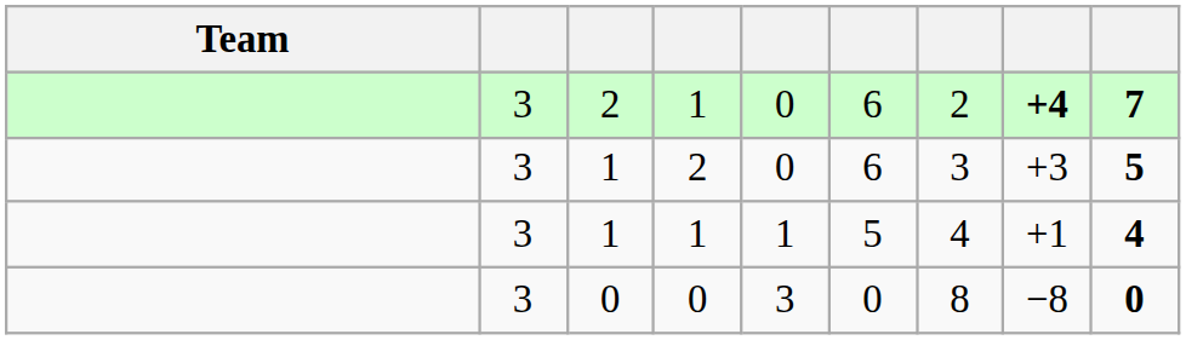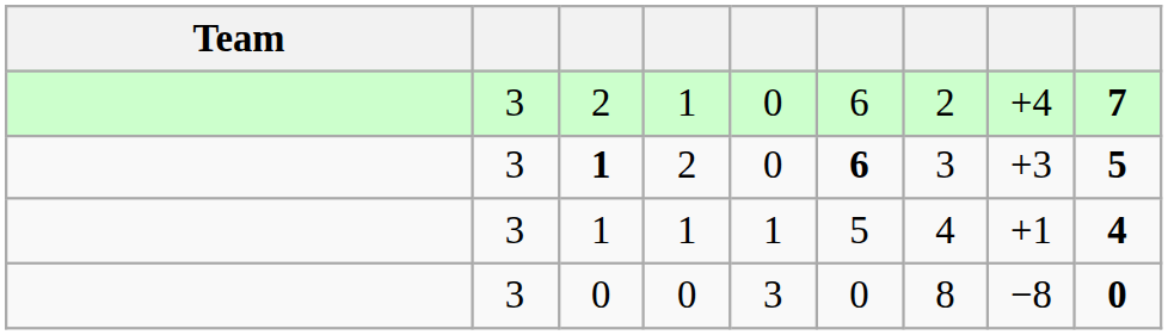 <table class="wikitable" style="text-align: center; font-size: 90%;">
 <tr>
 <th width=165>Team</th>
 <th width=25></th>
 <th width=25></th>
 <th width=25></th>
 <th width=25></th>
 <th width=25></th>
 <th width=25></th>
 <th width=25></th>
 <th width=25></th>
 </tr>
 <tr bgcolor=ccffcc>
 <td align="left"><em></em></td>
 <td>3</td>
 <td>2</td>
 <td>1</td>
 <td>0</td>
 <td>6</td>
 <td>2</td>
-<td><strong>+4</strong></td>
+<td>+4</td>
 <td><strong>7</strong></td>
 </tr>
 <tr>
 <td align="left"></td>
 <td>3</td>
-<td>1</td>
+<td><strong>1</strong></td>
 <td>2</td>
 <td>0</td>
-<td>6</td>
+<td><strong>6</strong></td>
 <td>3</td>
 <td>+3</td>
 <td><strong>5</strong></td>
 </tr>
 <tr>
 <td align="left"></td>
 <td>3</td>
 <td>1</td>
 <td>1</td>
 <td>1</td>
 <td>5</td>
 <td>4</td>
 <td>+1</td>
 <td><strong>4</strong></td>
 </tr>
 <tr>
 <td align="left"></td>
 <td>3</td>
 <td>0</td>
 <td>0</td>
 <td>3</td>
 <td>0</td>
 <td>8</td>
 <td>−8</td>
 <td><strong>0</strong></td>
 </tr>
 </table>
